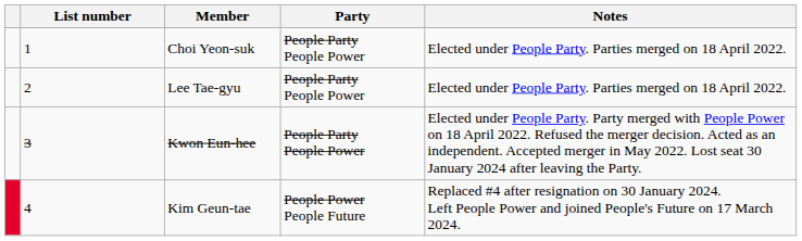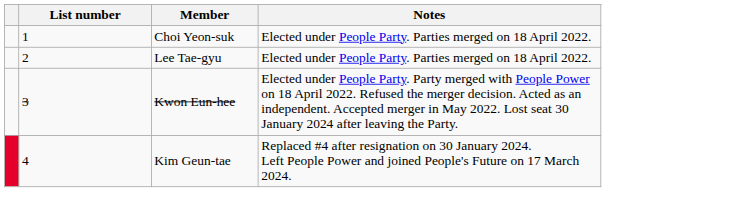 <table class="wikitable sortable">
 <tr>
 <th scope="col" style="width:10px;" class="unsortable"></th>
 <th scope="col" style="width:150px;">List number</th>
 <th scope="col" style="width:120px;">Member</th>
-<th scope="col" style="width:150px;">Party</th>
 <th scope="col" style="width:400px;" class="unsortable">Notes</th>
 </tr>
 <tr>
 <td scope="row" width="10" style="background-color:"></td>
 <td style="width:50px;">1</td>
 <td>Choi Yeon-suk</td>
-<td><s>People Party</s><br>People Power</td>
 <td>Elected under <a href='#'>People Party</a>. Parties merged on 18 April 2022.</td>
 </tr>
 <tr>
 <td scope="row" width="10" style="background-color:"></td>
 <td>2</td>
 <td>Lee Tae-gyu</td>
-<td><s>People Party</s><br>People Power</td>
 <td>Elected under <a href='#'>People Party</a>. Parties merged on 18 April 2022.</td>
 </tr>
 <tr>
 <td scope="row" width="10" style="background-color:"></td>
 <td><s>3</s></td>
 <td><s>Kwon Eun-hee</s></td>
-<td><s>People Party</s><br><s>People Power</s></td>
 <td>Elected under <a href='#'>People Party</a>. Party merged with <a href='#'>People Power</a> on 18 April 2022. Refused the merger decision. Acted as an independent. Accepted merger in May 2022. Lost seat 30 January 2024 after leaving the Party.</td>
 </tr>
 <tr>
 <td scope="row" width="10" style="background-color:#E4002B"></td>
 <td>4</td>
 <td>Kim Geun-tae</td>
-<td><s>People Power</s><br>People Future</td>
 <td>Replaced #4 after resignation on 30 January 2024.<br>Left People Power and joined People's Future on 17 March 2024.</td>
 </tr>
 </table>
